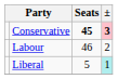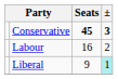 <table class="sortable wikitable">
 <tr>
 <th colspan="2">Party</th>
 <th>Seats</th>
 <th>±</th>
 </tr>
 <tr>
 <td style="background-color: "></td>
 <td><a href='#'>Conservative</a></td>
 <td align="center"><strong>45</strong></td>
-<td align="center" style="background: pink;"><strong>3</strong></td>
+<td align="center"><strong>3</strong></td>
 </tr>
 <tr>
 <td style="background-color: "></td>
 <td><a href='#'>Labour</a></td>
-<td align="center">46</td>
+<td align="center">16</td>
 <td align="center">2</td>
 </tr>
 <tr>
 <td style="background-color: "></td>
 <td><a href='#'>Liberal</a></td>
-<td align="center">5</td>
+<td align="center">9</td>
 <td align="center" style="background: paleturquoise;">1</td>
 </tr>
 <tr>
 </tr>
 </table>
